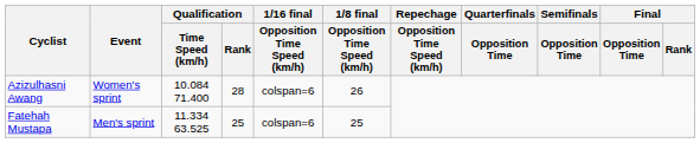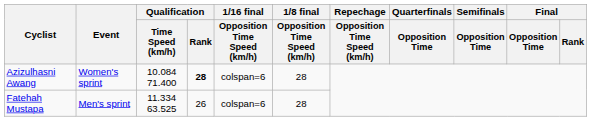 <table class="wikitable" style="font-size:90%">
 <tr>
 <th rowspan=2>Cyclist</th>
 <th rowspan=2>Event</th>
 <th colspan=2>Qualification</th>
 <th>1/16 final</th>
 <th>1/8 final</th>
 <th>Repechage</th>
 <th>Quarterfinals</th>
 <th>Semifinals</th>
 <th colspan=2>Final</th>
 </tr>
 <tr style="font-size:95%">
 <th>Time<br>Speed (km/h)</th>
 <th>Rank</th>
 <th>Opposition<br>Time<br>Speed (km/h)</th>
 <th>Opposition<br>Time<br>Speed (km/h)</th>
 <th>Opposition<br>Time<br>Speed (km/h)</th>
 <th>Opposition<br>Time</th>
 <th>Opposition<br>Time</th>
 <th>Opposition<br>Time</th>
 <th>Rank</th>
 </tr>
 <tr align=center>
 <td align=left><a href='#'>Azizulhasni Awang</a></td>
 <td align=left><a href='#'>Women's sprint</a></td>
 <td>10.084<br>71.400</td>
+<td><strong>28</strong></td>
+<td>colspan=6 </td>
 <td>28</td>
-<td>colspan=6 </td>
-<td>26</td>
 </tr>
 <tr align=center>
 <td align=left><a href='#'>Fatehah Mustapa</a></td>
 <td align=left><a href='#'>Men's sprint</a></td>
 <td>11.334<br>63.525</td>
-<td>25</td>
+<td>26</td>
 <td>colspan=6 </td>
-<td>25</td>
+<td>28</td>
 </tr>
 </table>
